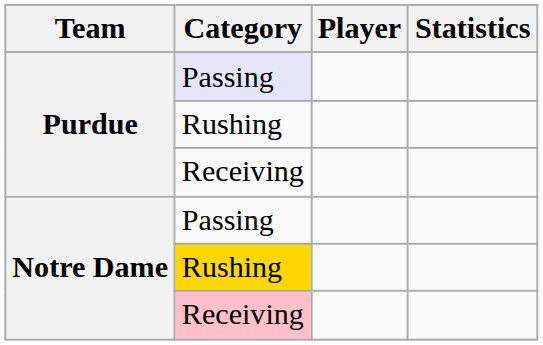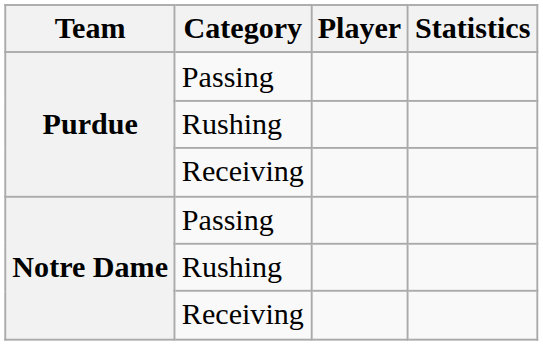 <table class="wikitable" style="float:right">
 <tr>
 <th>Team</th>
 <th>Category</th>
 <th>Player</th>
 <th>Statistics</th>
 </tr>
 <tr>
 <th rowspan=3>Purdue</th>
-<td style="background: lavender;">Passing</td>
+<td>Passing</td>
 <td></td>
 <td></td>
 </tr>
 <tr>
 <td>Rushing</td>
 <td></td>
 <td></td>
 </tr>
 <tr>
 <td>Receiving</td>
 <td></td>
 <td></td>
 </tr>
 <tr>
 <th rowspan=3>Notre Dame</th>
 <td>Passing</td>
 <td></td>
 <td></td>
 </tr>
 <tr>
-<td style="background: gold;">Rushing</td>
+<td>Rushing</td>
 <td></td>
 <td></td>
 </tr>
 <tr>
-<td style="background: pink;">Receiving</td>
+<td>Receiving</td>
 <td></td>
 <td></td>
 </tr>
 </table>
